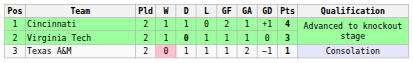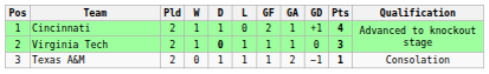 <table class="wikitable" style="text-align:center; margin: 1em auto">
 <tr>
 <th style=width:2em>Pos</th>
 <th style=width:13em>Team</th>
 <th style=width:2em>Pld</th>
 <th style=width:2em>W</th>
 <th style=width:2em>D</th>
 <th style=width:2em>L</th>
 <th style=width:2em>GF</th>
 <th style=width:2em>GA</th>
 <th style=width:2em>GD</th>
 <th style=width:2em>Pts</th>
 <th style=width:13em>Qualification</th>
 </tr>
 <tr bgcolor="#9eff9e">
 <td>1</td>
 <td style="text-align:left">Cincinnati</td>
 <td>2</td>
 <td>1</td>
 <td>1</td>
 <td>0</td>
 <td>2</td>
 <td>1</td>
 <td>+1</td>
 <td><strong>4</strong></td>
 <td rowspan="2">Advanced to knockout stage</td>
 </tr>
 <tr bgcolor="#9eff9e">
 <td>2</td>
 <td style="text-align:left">Virginia Tech</td>
 <td>2</td>
 <td>1</td>
 <td><strong>0</strong></td>
 <td>1</td>
 <td>1</td>
 <td>1</td>
 <td>0</td>
 <td><strong>3</strong></td>
 </tr>
 <tr>
 <td>3</td>
 <td style="text-align:left">Texas A&M</td>
 <td>2</td>
-<td style="background: pink;">0</td>
+<td>0</td>
 <td>1</td>
 <td>1</td>
 <td>1</td>
 <td>2</td>
 <td>−1</td>
 <td><strong>1</strong></td>
-<td style="background: lavender;">Consolation</td>
+<td>Consolation</td>
 </tr>
 </table>
